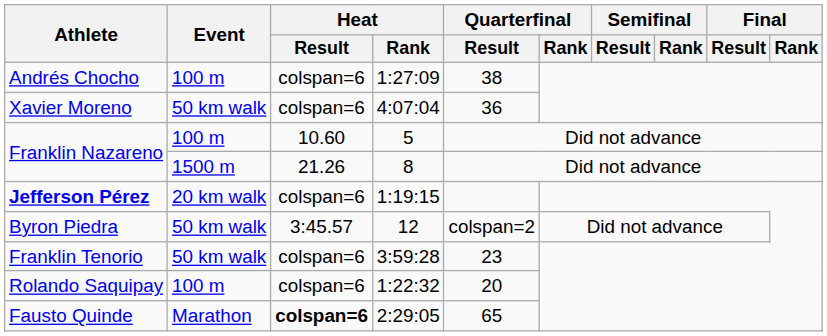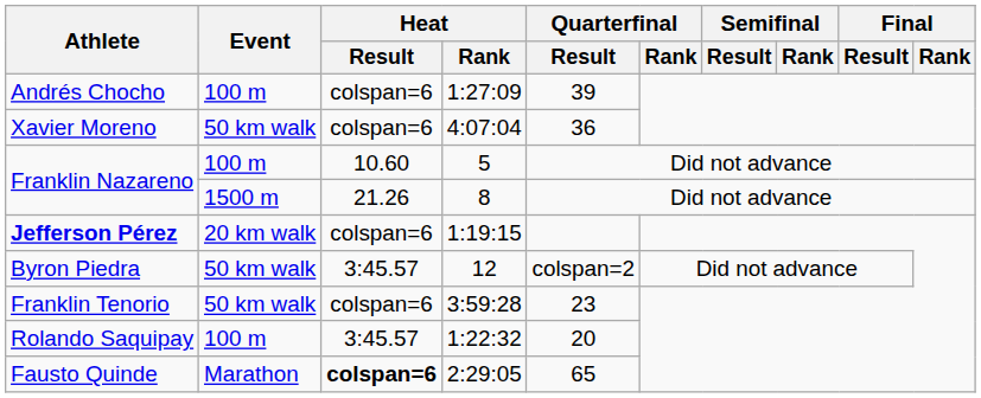 <table class="wikitable" style="font-size:90%">
 <tr>
 <th rowspan="2">Athlete</th>
 <th rowspan="2">Event</th>
 <th colspan="2">Heat</th>
 <th colspan="2">Quarterfinal</th>
 <th colspan="2">Semifinal</th>
 <th colspan="2">Final</th>
 </tr>
 <tr style="font-size:95%">
 <th>Result</th>
 <th>Rank</th>
 <th>Result</th>
 <th>Rank</th>
 <th>Result</th>
 <th>Rank</th>
 <th>Result</th>
 <th>Rank</th>
 </tr>
 <tr align=center>
 <td align=left><a href='#'>Andrés Chocho</a></td>
 <td align=left><a href='#'>100 m</a></td>
 <td>colspan=6 </td>
 <td>1:27:09</td>
-<td>38</td>
+<td>39</td>
 </tr>
 <tr align=center>
 <td align=left><a href='#'>Xavier Moreno</a></td>
 <td align=left><a href='#'>50 km walk</a></td>
 <td>colspan=6 </td>
 <td>4:07:04</td>
 <td>36</td>
 </tr>
 <tr align=center>
 <td align=left rowspan=2><a href='#'>Franklin Nazareno</a></td>
 <td align=left><a href='#'>100 m</a></td>
 <td>10.60</td>
 <td>5</td>
 <td colspan=6>Did not advance</td>
 </tr>
 <tr align=center>
 <td align=left><a href='#'>1500 m</a></td>
 <td>21.26</td>
 <td>8</td>
 <td colspan=6>Did not advance</td>
 </tr>
 <tr align=center>
 <td align=left><strong><a href='#'>Jefferson Pérez</a></strong></td>
 <td align=left><a href='#'>20 km walk</a></td>
 <td>colspan=6 </td>
 <td>1:19:15</td>
 <td></td>
 </tr>
 <tr align=center>
 <td align=left><a href='#'>Byron Piedra</a></td>
 <td align=left><a href='#'>50 km walk</a></td>
 <td>3:45.57</td>
 <td>12</td>
 <td>colspan=2 </td>
 <td colspan=4>Did not advance</td>
 </tr>
 <tr align=center>
 <td align=left><a href='#'>Franklin Tenorio</a></td>
 <td align=left><a href='#'>50 km walk</a></td>
 <td>colspan=6 </td>
 <td>3:59:28</td>
 <td>23</td>
 </tr>
 <tr align=center>
 <td align=left><a href='#'>Rolando Saquipay</a></td>
 <td align=left><a href='#'>100 m</a></td>
-<td>colspan=6 </td>
+<td>3:45.57</td>
 <td>1:22:32</td>
 <td>20</td>
 </tr>
 <tr align=center>
 <td align=left><a href='#'>Fausto Quinde</a></td>
 <td align=left><a href='#'>Marathon</a></td>
 <td><strong>colspan=6 </strong></td>
 <td>2:29:05</td>
 <td>65</td>
 </tr>
 </table>
